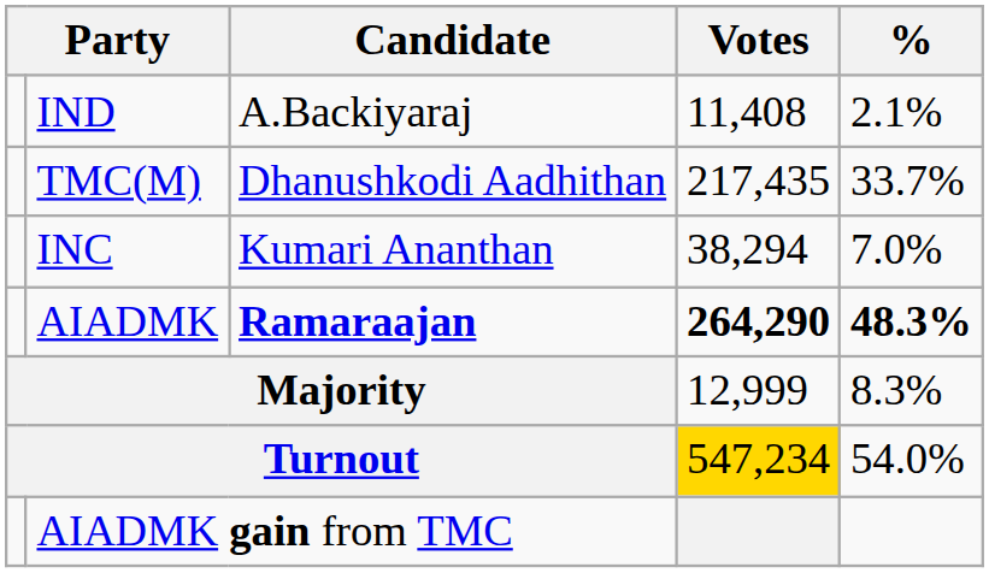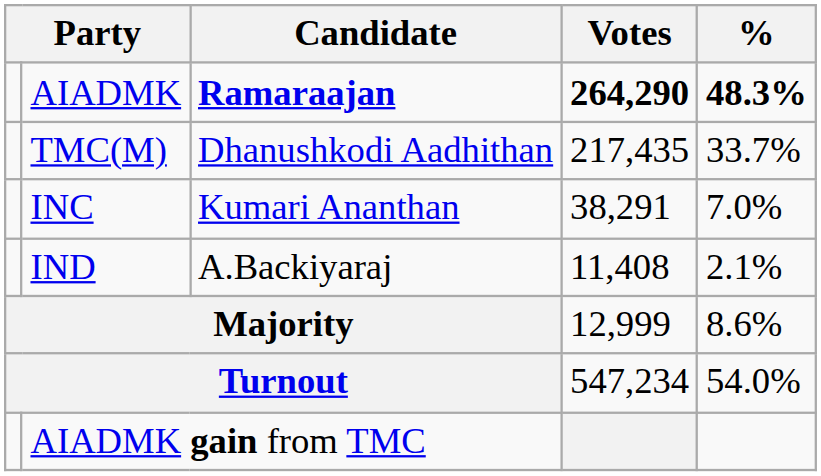 <table class="wikitable">
 <tr>
 <th colspan="2">Party</th>
 <th>Candidate</th>
 <th>Votes</th>
 <th>%</th>
 </tr>
 <tr>
 <td></td>
-<td><a href='#'>IND</a></td>
-<td>A.Backiyaraj</td>
-<td>11,408</td>
-<td>2.1%</td>
+<td><a href='#'>AIADMK</a></td>
+<td><strong><a href='#'>Ramaraajan</a></strong></td>
+<td><strong>264,290</strong></td>
+<td><strong>48.3%</strong></td>
 </tr>
 <tr>
 <td></td>
 <td><a href='#'>TMC(M)</a></td>
 <td><a href='#'>Dhanushkodi Aadhithan</a></td>
 <td>217,435</td>
 <td>33.7%</td>
 </tr>
 <tr>
 <td></td>
 <td><a href='#'>INC</a></td>
 <td><a href='#'>Kumari Ananthan</a></td>
-<td>38,294</td>
+<td>38,291</td>
 <td>7.0%</td>
 </tr>
 <tr>
 <td></td>
-<td><a href='#'>AIADMK</a></td>
-<td><strong><a href='#'>Ramaraajan</a></strong></td>
-<td><strong>264,290</strong></td>
-<td><strong>48.3%</strong></td>
+<td><a href='#'>IND</a></td>
+<td>A.Backiyaraj</td>
+<td>11,408</td>
+<td>2.1%</td>
 </tr>
 <tr>
 <th colspan="3">Majority</th>
 <td>12,999</td>
-<td>8.3%</td>
+<td>8.6%</td>
 </tr>
 <tr>
 <th colspan="3"><a href='#'>Turnout</a></th>
-<td style="background: gold;">547,234</td>
+<td>547,234</td>
 <td>54.0%</td>
 </tr>
 <tr>
 <td></td>
 <td colspan="2"><a href='#'>AIADMK</a> <strong>gain</strong> from <a href='#'>TMC</a></td>
 <th></th>
 <td></td>
 </tr>
 </table>
